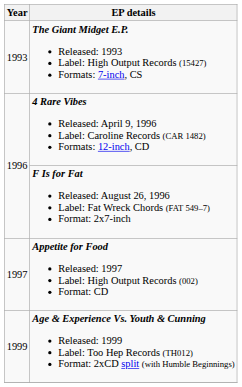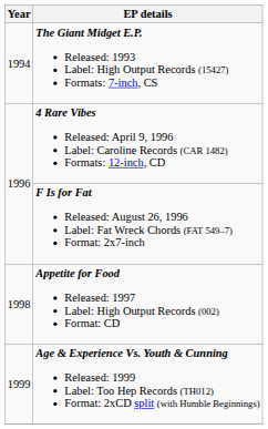 <table class="wikitable">
 <tr>
 <th rowspan="1">Year</th>
 <th rowspan="1">EP details</th>
 </tr>
 <tr>
-<td>1993</td>
+<td>1994</td>
 <td><strong><em>The Giant Midget E.P.</em></strong><br><ul><li>Released: 1993</li><li>Label: High Output Records <small>(15427)</small></li><li>Formats: <a href='#'>7-inch</a>, CS</li></ul></td>
 </tr>
 <tr>
 <td rowspan="2">1996</td>
 <td><strong><em>4 Rare Vibes</em></strong><br><ul><li>Released: April 9, 1996</li><li>Label: Caroline Records <small>(CAR 1482)</small></li><li>Formats: <a href='#'>12-inch</a>, CD</li></ul></td>
 </tr>
 <tr>
 <td><strong><em>F Is for Fat</em></strong><br><ul><li>Released: August 26, 1996</li><li>Label: Fat Wreck Chords <small>(FAT 549–7)</small></li><li>Format: 2x7-inch</li></ul></td>
 </tr>
 <tr>
-<td>1997</td>
+<td>1998</td>
 <td><strong><em>Appetite for Food</em></strong><br><ul><li>Released: 1997</li><li>Label: High Output Records <small>(002)</small></li><li>Format: CD</li></ul></td>
 </tr>
 <tr>
 <td>1999</td>
 <td><strong><em>Age & Experience Vs. Youth & Cunning</em></strong><br><ul><li>Released: 1999</li><li>Label: Too Hep Records <small>(TH012)</small></li><li>Format: 2xCD <a href='#'>split</a> <small>(with Humble Beginnings)</small></li></ul></td>
 </tr>
 <tr>
 </tr>
 </table>
